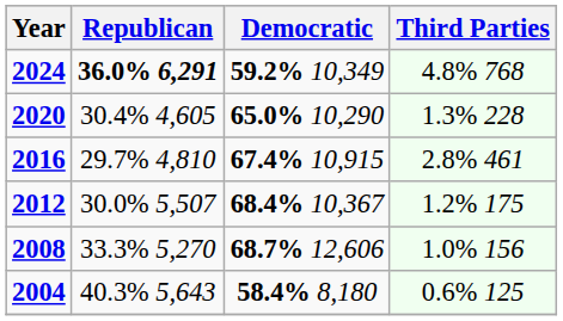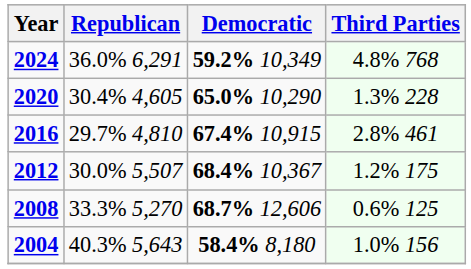 <table class="wikitable" style="float:right; font-size:95%;">
 <tr bgcolor=lightgrey>
 <th>Year</th>
 <th><a href='#'>Republican</a></th>
 <th><a href='#'>Democratic</a></th>
 <th><a href='#'>Third Parties</a></th>
 </tr>
 <tr>
 <td style="text-align:center; "><strong><a href='#'>2024</a></strong></td>
-<td style="text-align:center; "><strong>36.0% <em>6,291</em></strong></td>
+<td style="text-align:center; ">36.0% <em>6,291</em></td>
 <td style="text-align:center; "><strong>59.2%</strong>  <em>10,349</em></td>
 <td style="text-align:center; background:honeyDew;">4.8% <em>768</em></td>
 </tr>
 <tr>
 <td style="text-align:center; "><strong><a href='#'>2020</a></strong></td>
 <td style="text-align:center; ">30.4% <em>4,605</em></td>
 <td style="text-align:center; "><strong>65.0%</strong>  <em>10,290</em></td>
 <td style="text-align:center; background:honeyDew;">1.3% <em>228</em></td>
 </tr>
 <tr>
 <td style="text-align:center; "><strong><a href='#'>2016</a></strong></td>
 <td style="text-align:center; ">29.7% <em>4,810</em></td>
 <td style="text-align:center; "><strong>67.4%</strong> <em>10,915</em></td>
 <td style="text-align:center; background:honeyDew;">2.8% <em>461</em></td>
 </tr>
 <tr>
 <td style="text-align:center; "><strong><a href='#'>2012</a></strong></td>
 <td style="text-align:center; ">30.0% <em>5,507</em></td>
 <td style="text-align:center; "><strong>68.4%</strong>  <em>10,367</em></td>
 <td style="text-align:center; background:honeyDew;">1.2% <em>175</em></td>
 </tr>
 <tr>
 <td style="text-align:center; "><strong><a href='#'>2008</a></strong></td>
 <td style="text-align:center; ">33.3% <em>5,270</em></td>
 <td style="text-align:center; "><strong>68.7%</strong> <em>12,606</em></td>
-<td style="text-align:center; background:honeyDew;">1.0% <em>156</em></td>
+<td style="text-align:center; background:honeyDew;">0.6% <em>125</em></td>
 </tr>
 <tr>
 <td style="text-align:center; "><strong><a href='#'>2004</a></strong></td>
 <td style="text-align:center; ">40.3% <em>5,643</em></td>
 <td style="text-align:center; "><strong>58.4%</strong>   <em>8,180</em></td>
-<td style="text-align:center; background:honeyDew;">0.6% <em>125</em></td>
+<td style="text-align:center; background:honeyDew;">1.0% <em>156</em></td>
 </tr>
 <tr>
 </tr>
 </table>
